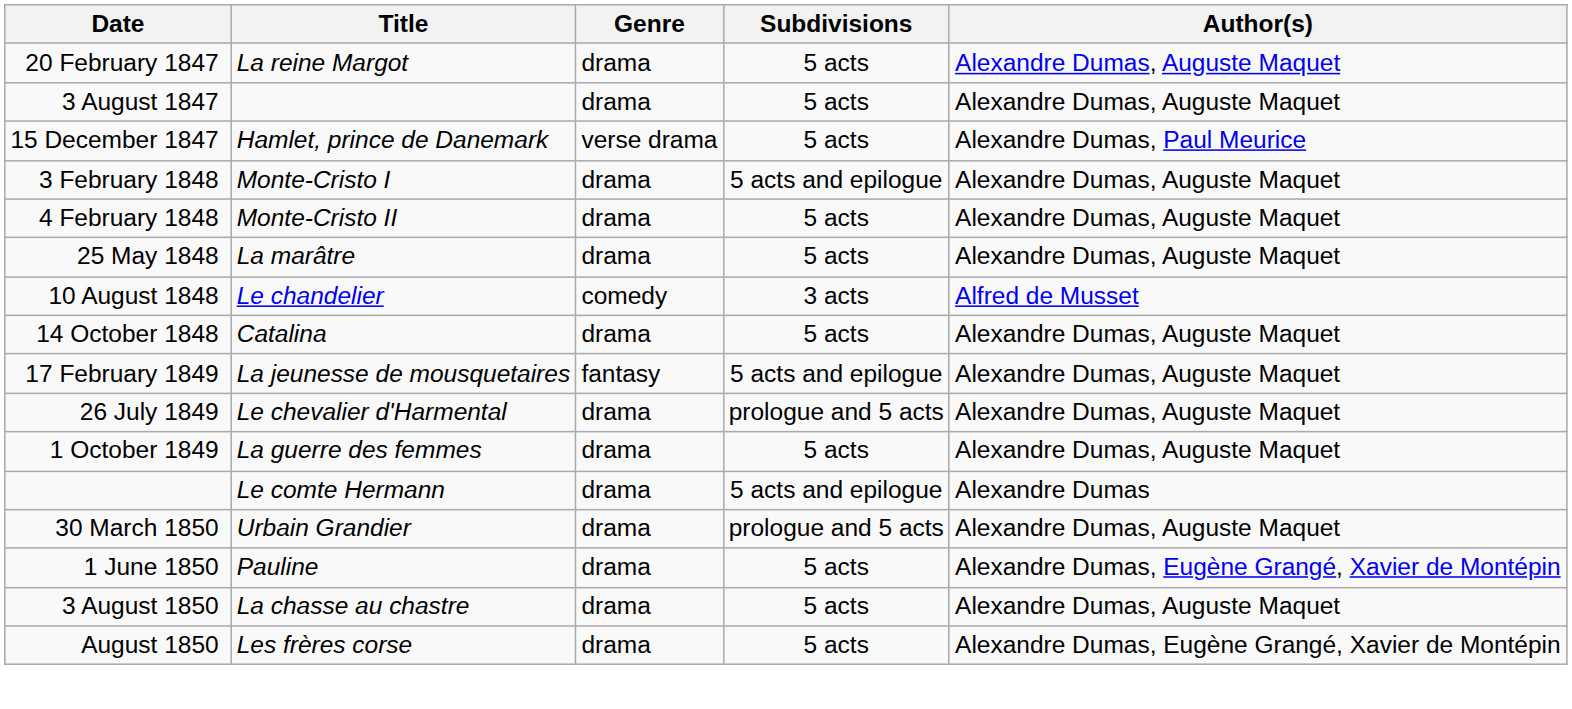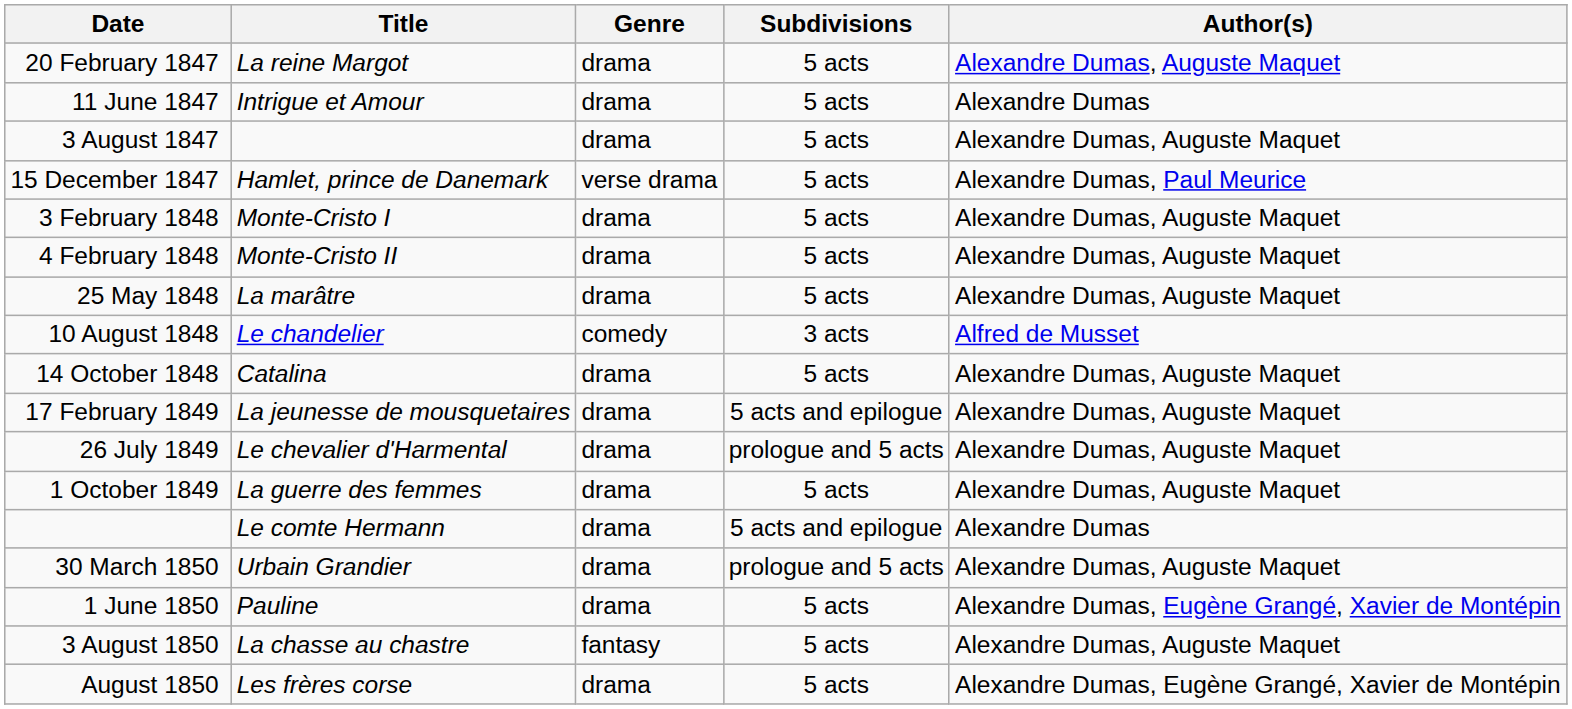 <table class="wikitable">
 <tr>
 <th>Date</th>
 <th>Title</th>
 <th>Genre</th>
 <th>Sub­divisions</th>
 <th>Author(s)</th>
 </tr>
 <tr>
 <td align="right"> 20 February 1847 </td>
 <td> <em>La reine Margot</em> </td>
 <td>drama</td>
 <td align="center">5 acts</td>
 <td> <a href='#'>Alexandre&nbsp;Dumas</a>, <a href='#'>Auguste&nbsp;Maquet</a></td>
+</tr>
+<tr>
+<td align="right"> 11 June 1847 </td>
+<td> <em>Intrigue et Amour</em> </td>
+<td>drama</td>
+<td align="center">5 acts</td>
+<td> Alexandre Dumas</td>
 </tr>
 <tr>
 <td align="right"> 3 August 1847 </td>
 <td> </td>
 <td>drama</td>
 <td align="center">5 acts</td>
 <td> Alexandre Dumas, Auguste Maquet</td>
 </tr>
 <tr>
 <td align="right"> 15 December 1847 </td>
 <td> <em>Hamlet, prince de Danemark</em> </td>
 <td>verse drama</td>
 <td align="center">5 acts</td>
 <td> Alexandre Dumas, <a href='#'>Paul&nbsp;Meurice</a></td>
 </tr>
 <tr>
 <td align="right"> 3 February 1848 </td>
 <td> <em>Monte-Cristo I</em> </td>
 <td>drama</td>
-<td align="center">5 acts and epilogue</td>
+<td align="center">5 acts</td>
 <td> Alexandre Dumas, Auguste Maquet</td>
 </tr>
 <tr>
 <td align="right"> 4 February 1848 </td>
 <td> <em>Monte-Cristo II</em> </td>
 <td>drama</td>
 <td align="center">5 acts</td>
 <td> Alexandre Dumas, Auguste Maquet</td>
 </tr>
 <tr>
 <td align="right"> 25 May 1848 </td>
 <td> <em>La marâtre</em></td>
 <td>drama</td>
 <td align="center">5 acts</td>
 <td> Alexandre Dumas, Auguste Maquet</td>
 </tr>
 <tr>
 <td align="right"> 10 August 1848 </td>
 <td> <em><a href='#'>Le chandelier</a></em></td>
 <td>comedy</td>
 <td align="center">3 acts</td>
 <td> <a href='#'>Alfred de Musset</a></td>
 </tr>
 <tr>
 <td align="right"> 14 October 1848 </td>
 <td> <em>Catalina</em></td>
 <td>drama</td>
 <td align="center">5 acts</td>
 <td> Alexandre Dumas, Auguste Maquet</td>
 </tr>
 <tr>
 <td align="right"> 17 February 1849 </td>
 <td> <em>La jeunesse de mousquetaires</em> </td>
-<td>fantasy</td>
+<td>drama</td>
 <td align="center">5 acts and epilogue</td>
 <td> Alexandre Dumas, Auguste Maquet</td>
 </tr>
 <tr>
 <td align="right"> 26 July 1849 </td>
 <td> <em>Le chevalier d'Harmental</em></td>
 <td>drama</td>
 <td align="center">prologue and 5 acts</td>
 <td> Alexandre Dumas, Auguste Maquet</td>
 </tr>
 <tr>
 <td align="right"> 1 October 1849 </td>
 <td> <em>La guerre des femmes</em></td>
 <td>drama</td>
 <td align="center">5 acts</td>
 <td> Alexandre Dumas, Auguste Maquet</td>
 </tr>
 <tr>
 <td align="right"> </td>
 <td> <em>Le comte Hermann</em></td>
 <td>drama</td>
 <td align="center">5 acts and epilogue</td>
 <td> Alexandre Dumas</td>
 </tr>
 <tr>
 <td align="right"> 30 March 1850 </td>
 <td> <em>Urbain Grandier</em></td>
 <td>drama</td>
 <td align="center">prologue and 5 acts</td>
 <td> Alexandre Dumas, Auguste Maquet</td>
 </tr>
 <tr>
 <td align="right"> 1 June 1850 </td>
 <td> <em>Pauline</em></td>
 <td>drama</td>
 <td align="center">5 acts</td>
 <td> Alexandre Dumas, <a href='#'>Eugène&nbsp;Grangé</a>, <a href='#'>Xavier&nbsp;de&nbsp;Montépin</a></td>
 </tr>
 <tr>
 <td align="right"> 3 August 1850 </td>
 <td> <em>La chasse au chastre</em></td>
-<td>drama</td>
+<td>fantasy</td>
 <td align="center">5 acts</td>
 <td> Alexandre Dumas, Auguste Maquet</td>
 </tr>
 <tr>
 <td align="right"> August 1850 </td>
 <td> <em>Les frères corse</em> </td>
 <td>drama</td>
 <td align="center">5 acts</td>
 <td> Alexandre Dumas, Eugène Grangé, Xavier de Montépin</td>
 </tr>
 </table>
